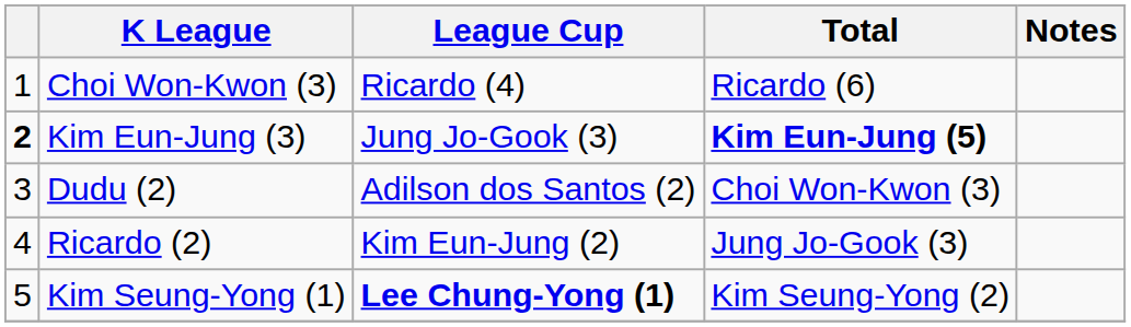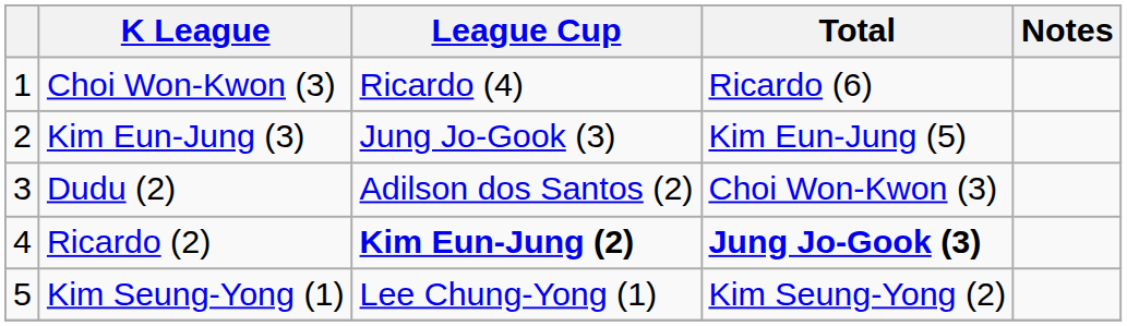 <table class="wikitable" style="text-align:center">
 <tr>
 <th></th>
 <th><a href='#'>K League</a></th>
 <th><a href='#'>League Cup</a></th>
 <th>Total</th>
 <th>Notes</th>
 </tr>
 <tr>
 <td>1</td>
 <td align=left> <a href='#'>Choi Won-Kwon</a> (3)</td>
 <td align=left> <a href='#'>Ricardo</a> (4)</td>
 <td align=left> <a href='#'>Ricardo</a> (6)</td>
 <td></td>
 </tr>
 <tr>
-<td><strong>2</strong></td>
+<td>2</td>
 <td align=left> <a href='#'>Kim Eun-Jung</a> (3)</td>
 <td align=left> <a href='#'>Jung Jo-Gook</a> (3)</td>
-<td align=left><strong> <a href='#'>Kim Eun-Jung</a> (5)</strong></td>
+<td align=left> <a href='#'>Kim Eun-Jung</a> (5)</td>
 <td></td>
 </tr>
 <tr>
 <td>3</td>
 <td align=left> <a href='#'>Dudu</a> (2)</td>
 <td align=left> <a href='#'>Adilson dos Santos</a> (2)</td>
 <td align=left> <a href='#'>Choi Won-Kwon</a> (3)</td>
 <td></td>
 </tr>
 <tr>
 <td>4</td>
 <td align=left> <a href='#'>Ricardo</a> (2)</td>
-<td align=left> <a href='#'>Kim Eun-Jung</a> (2)</td>
-<td align=left> <a href='#'>Jung Jo-Gook</a> (3)</td>
+<td align=left><strong> <a href='#'>Kim Eun-Jung</a> (2)</strong></td>
+<td align=left><strong> <a href='#'>Jung Jo-Gook</a> (3)</strong></td>
 <td></td>
 </tr>
 <tr>
 <td>5</td>
 <td align=left> <a href='#'>Kim Seung-Yong</a> (1)</td>
-<td align=left><strong> <a href='#'>Lee Chung-Yong</a> (1)</strong></td>
+<td align=left> <a href='#'>Lee Chung-Yong</a> (1)</td>
 <td align=left> <a href='#'>Kim Seung-Yong</a> (2)</td>
 <td></td>
 </tr>
 <tr>
 </tr>
 </table>
